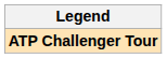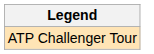 <table class="wikitable">
 <tr>
 <th>Legend</th>
 </tr>
 <tr bgcolor="moccasin">
-<td><strong>ATP Challenger Tour</strong></td>
+<td>ATP Challenger Tour</td>
 </tr>
 </table>
